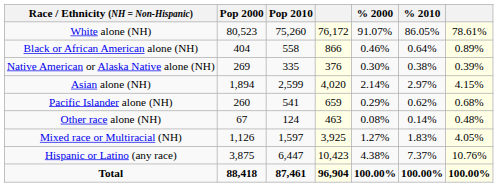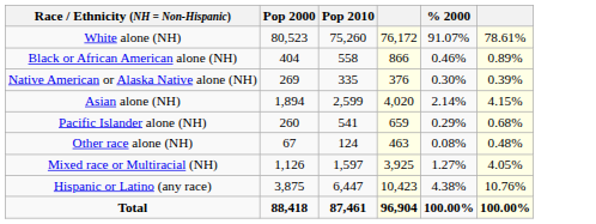 <table class="wikitable" style="text-align:center;">
 <tr>
 <th>Race / Ethnicity <small>(<em>NH = Non-Hispanic</em>)</small></th>
 <th>Pop 2000</th>
 <th>Pop 2010</th>
 <th></th>
 <th>% 2000</th>
-<th>% 2010</th>
 <th></th>
 </tr>
 <tr>
 <td><a href='#'>White</a> alone (NH)</td>
 <td>80,523</td>
 <td>75,260</td>
 <td style='background: #ffffe6;'>76,172</td>
 <td>91.07%</td>
-<td>86.05%</td>
 <td style='background: #ffffe6;'>78.61%</td>
 </tr>
 <tr>
 <td><a href='#'>Black or African American</a> alone (NH)</td>
 <td>404</td>
 <td>558</td>
 <td style='background: #ffffe6;'>866</td>
 <td>0.46%</td>
-<td>0.64%</td>
 <td style='background: #ffffe6;'>0.89%</td>
 </tr>
 <tr>
 <td><a href='#'>Native American</a> or <a href='#'>Alaska Native</a> alone (NH)</td>
 <td>269</td>
 <td>335</td>
 <td style='background: #ffffe6;'>376</td>
 <td>0.30%</td>
-<td>0.38%</td>
 <td style='background: #ffffe6;'>0.39%</td>
 </tr>
 <tr>
 <td><a href='#'>Asian</a> alone (NH)</td>
 <td>1,894</td>
 <td>2,599</td>
 <td style='background: #ffffe6;'>4,020</td>
 <td>2.14%</td>
-<td>2.97%</td>
 <td style='background: #ffffe6;'>4.15%</td>
 </tr>
 <tr>
 <td><a href='#'>Pacific Islander</a> alone (NH)</td>
 <td>260</td>
 <td>541</td>
 <td style='background: #ffffe6;'>659</td>
 <td>0.29%</td>
-<td>0.62%</td>
 <td style='background: #ffffe6;'>0.68%</td>
 </tr>
 <tr>
 <td><a href='#'>Other race</a> alone (NH)</td>
 <td>67</td>
 <td>124</td>
 <td style='background: #ffffe6;'>463</td>
 <td>0.08%</td>
-<td>0.14%</td>
 <td style='background: #ffffe6;'>0.48%</td>
 </tr>
 <tr>
 <td><a href='#'>Mixed race or Multiracial</a> (NH)</td>
 <td>1,126</td>
 <td>1,597</td>
 <td style='background: #ffffe6;'>3,925</td>
 <td>1.27%</td>
-<td>1.83%</td>
 <td style='background: #ffffe6;'>4.05%</td>
 </tr>
 <tr>
 <td><a href='#'>Hispanic or Latino</a> (any race)</td>
 <td>3,875</td>
 <td>6,447</td>
 <td style='background: #ffffe6;'>10,423</td>
 <td>4.38%</td>
-<td>7.37%</td>
 <td style='background: #ffffe6;'>10.76%</td>
 </tr>
 <tr>
 <td><strong>Total</strong></td>
 <td><strong>88,418</strong></td>
 <td><strong>87,461</strong></td>
 <td style='background: #ffffe6;'><strong>96,904</strong></td>
 <td><strong>100.00%</strong></td>
-<td><strong>100.00%</strong></td>
 <td style='background: #ffffe6;'><strong>100.00%</strong></td>
 </tr>
 </table>
